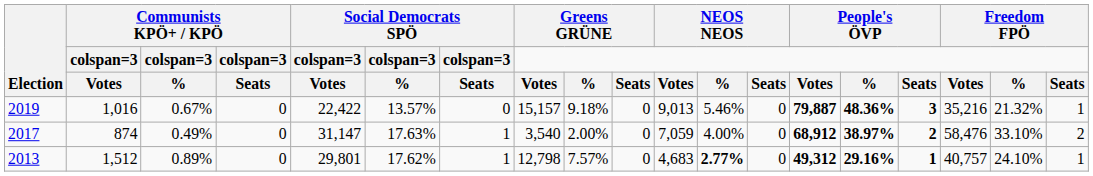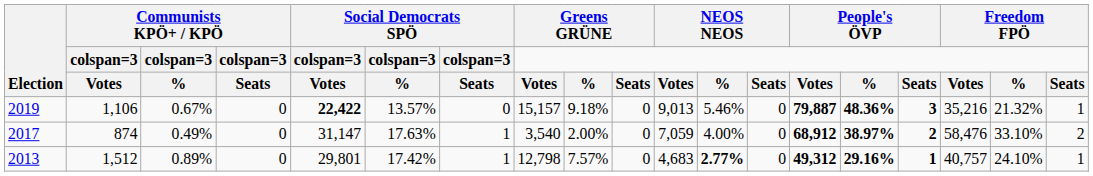 <table class="wikitable" border="1" style="font-size:100%; text-align:right;">
 <tr>
 <th style="text-align:left;" valign=bottom rowspan=3>Election</th>
 <th valign=bottom colspan=3><a href='#'>Communists</a><br>KPÖ+ / KPÖ</th>
 <th valign=bottom colspan=3><a href='#'>Social Democrats</a><br>SPÖ</th>
 <th valign=bottom colspan=3><a href='#'>Greens</a><br>GRÜNE</th>
 <th valign=bottom colspan=3><a href='#'>NEOS</a><br>NEOS</th>
 <th valign=bottom colspan=3><a href='#'>People's</a><br>ÖVP</th>
 <th valign=bottom colspan=3><a href='#'>Freedom</a><br>FPÖ</th>
 </tr>
 <tr>
 <th>colspan=3 </th>
 <th>colspan=3 </th>
 <th>colspan=3 </th>
 <th>colspan=3 </th>
 <th>colspan=3 </th>
 <th>colspan=3 </th>
 </tr>
 <tr>
 <th>Votes</th>
 <th>%</th>
 <th>Seats</th>
 <th>Votes</th>
 <th>%</th>
 <th>Seats</th>
 <th>Votes</th>
 <th>%</th>
 <th>Seats</th>
 <th>Votes</th>
 <th>%</th>
 <th>Seats</th>
 <th>Votes</th>
 <th>%</th>
 <th>Seats</th>
 <th>Votes</th>
 <th>%</th>
 <th>Seats</th>
 </tr>
 <tr>
 <td align=left><a href='#'>2019</a></td>
-<td>1,016</td>
+<td>1,106</td>
 <td>0.67%</td>
 <td>0</td>
-<td>22,422</td>
+<td><strong>22,422</strong></td>
 <td>13.57%</td>
 <td>0</td>
 <td>15,157</td>
 <td>9.18%</td>
 <td>0</td>
 <td>9,013</td>
 <td>5.46%</td>
 <td>0</td>
 <td><strong>79,887</strong></td>
 <td><strong>48.36%</strong></td>
 <td><strong>3</strong></td>
 <td>35,216</td>
 <td>21.32%</td>
 <td>1</td>
 </tr>
 <tr>
 <td align=left><a href='#'>2017</a></td>
 <td>874</td>
 <td>0.49%</td>
 <td>0</td>
 <td>31,147</td>
 <td>17.63%</td>
 <td>1</td>
 <td>3,540</td>
 <td>2.00%</td>
 <td>0</td>
 <td>7,059</td>
 <td>4.00%</td>
 <td>0</td>
 <td><strong>68,912</strong></td>
 <td><strong>38.97%</strong></td>
 <td><strong>2</strong></td>
 <td>58,476</td>
 <td>33.10%</td>
 <td>2</td>
 </tr>
 <tr>
 <td align=left><a href='#'>2013</a></td>
 <td>1,512</td>
 <td>0.89%</td>
 <td>0</td>
 <td>29,801</td>
-<td>17.62%</td>
+<td>17.42%</td>
 <td>1</td>
 <td>12,798</td>
 <td>7.57%</td>
 <td>0</td>
 <td>4,683</td>
 <td><strong>2.77%</strong></td>
 <td>0</td>
 <td><strong>49,312</strong></td>
 <td><strong>29.16%</strong></td>
 <td><strong>1</strong></td>
 <td>40,757</td>
 <td>24.10%</td>
 <td>1</td>
 </tr>
 </table>
